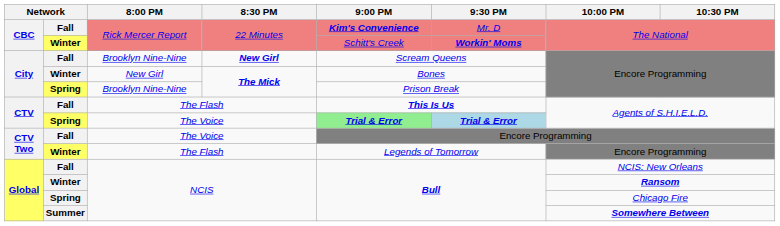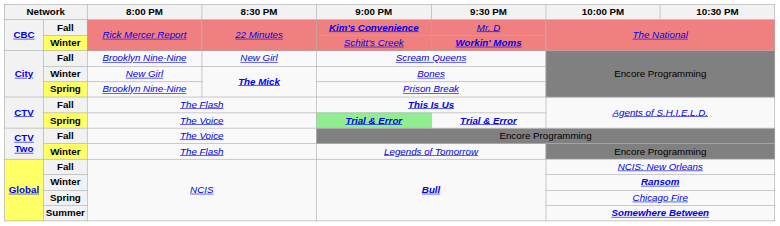 <table class="wikitable" style="width:100%;margin-right:0;text-align:center">
 <tr>
 <th colspan="2" style="width:10%;">Network</th>
 <th style="width:15%;">8:00 PM</th>
 <th style="width:15%;">8:30 PM</th>
 <th style="width:15%;">9:00 PM</th>
 <th style="width:15%;">9:30 PM</th>
 <th style="width:15%;">10:00 PM</th>
 <th style="width:15%;">10:30 PM</th>
 </tr>
 <tr>
 <th rowspan="2"><a href='#'>CBC</a></th>
 <th>Fall</th>
 <td rowspan="2" style="background:#f08080;"><em><a href='#'>Rick Mercer Report</a></em></td>
 <td rowspan="2" style="background:#f08080;"><em><a href='#'>22 Minutes</a></em></td>
 <td style="background:#f08080;"><strong><em><a href='#'>Kim's Convenience</a></em></strong></td>
 <td style="background:#f08080;"><em><a href='#'>Mr. D</a></em></td>
 <td rowspan="2" colspan="2" style="background:#f08080;"><em><a href='#'>The National</a></em></td>
 </tr>
 <tr>
 <th style="background:#ff6;">Winter</th>
 <td style="background:#f08080;"><em><a href='#'>Schitt's Creek</a></em></td>
 <td style="background:#f08080;"><strong><em><a href='#'>Workin' Moms</a></em></strong></td>
 </tr>
 <tr>
 <th rowspan="3"><a href='#'>City</a></th>
 <th>Fall</th>
 <td><em><a href='#'>Brooklyn Nine-Nine</a></em></td>
-<td><strong><em><a href='#'>New Girl</a></em></strong></td>
+<td><em><a href='#'>New Girl</a></em></td>
 <td colspan="2"><em><a href='#'>Scream Queens</a></em></td>
 <td colspan="2" rowspan="3" style="background:gray;">Encore Programming</td>
 </tr>
 <tr>
 <th>Winter</th>
 <td><em><a href='#'>New Girl</a></em></td>
 <td rowspan="2"><strong><em><a href='#'>The Mick</a></em></strong></td>
 <td colspan="2"><em><a href='#'>Bones</a></em></td>
 </tr>
 <tr>
 <th style="background:#ff6;">Spring</th>
 <td><em><a href='#'>Brooklyn Nine-Nine</a></em></td>
 <td colspan="2"><em><a href='#'>Prison Break</a></em></td>
 </tr>
 <tr>
 <th rowspan="2"><a href='#'>CTV</a></th>
 <th>Fall</th>
 <td colspan="2"><em><a href='#'>The Flash</a></em></td>
 <td colspan="2"><strong><em><a href='#'>This Is Us</a></em></strong></td>
 <td rowspan="2" colspan="2"><em><a href='#'>Agents of S.H.I.E.L.D.</a></em></td>
 </tr>
 <tr>
 <th style="background:#ff6;">Spring</th>
 <td colspan="2"><em><a href='#'>The Voice</a></em></td>
 <td style="background: lightgreen;"><strong><em><a href='#'>Trial & Error</a></em></strong></td>
-<td style="background: lightblue;"><strong><em><a href='#'>Trial & Error</a></em></strong> </td>
+<td><strong><em><a href='#'>Trial & Error</a></em></strong> </td>
 </tr>
 <tr>
 <th rowspan="2"><a href='#'>CTV Two</a></th>
 <th>Fall</th>
 <td colspan="2"><em><a href='#'>The Voice</a></em></td>
 <td colspan="4" style="background:gray;">Encore Programming</td>
 </tr>
 <tr>
 <th style="background:#ff6;">Winter</th>
 <td colspan="2"><em><a href='#'>The Flash</a></em></td>
 <td colspan="2"><em><a href='#'>Legends of Tomorrow</a></em></td>
 <td colspan="2" style="background:gray;">Encore Programming</td>
 </tr>
 <tr>
 <th rowspan="4" style="background:#ff6;"><a href='#'>Global</a></th>
 <th>Fall</th>
 <td rowspan="4" colspan="2"><em><a href='#'>NCIS</a></em></td>
 <td rowspan="4" colspan="2"><strong><em><a href='#'>Bull</a></em></strong></td>
 <td colspan="2"><em><a href='#'>NCIS: New Orleans</a></em></td>
 </tr>
 <tr>
 <th>Winter</th>
 <td colspan="2"><strong><em><a href='#'>Ransom</a></em></strong></td>
 </tr>
 <tr>
 <th>Spring</th>
 <td colspan="2"><em><a href='#'>Chicago Fire</a></em></td>
 </tr>
 <tr>
 <th>Summer</th>
 <td colspan="2"><strong><em><a href='#'>Somewhere Between</a></em></strong></td>
 </tr>
 </table>
